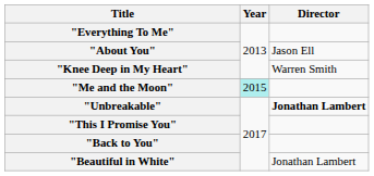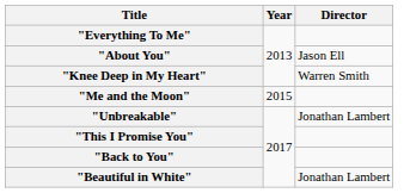 <table class="wikitable plainrowheaders">
 <tr>
 <th width="315" scope="col">Title</th>
 <th scope="col">Year</th>
 <th scope="col">Director</th>
 </tr>
 <tr>
 <th scope="row">"Everything To Me"</th>
 <td rowspan="3">2013</td>
 <td></td>
 </tr>
 <tr>
 <th scope="row">"About You"</th>
 <td>Jason Ell</td>
 </tr>
 <tr>
 <th scope="row">"Knee Deep in My Heart"</th>
 <td>Warren Smith</td>
 </tr>
 <tr>
 <th scope="row">"Me and the Moon"</th>
-<td style="background: paleturquoise;">2015</td>
+<td>2015</td>
 <td></td>
 </tr>
 <tr>
 <th scope="row">"Unbreakable"</th>
 <td rowspan="4">2017</td>
-<td><strong>Jonathan Lambert</strong></td>
+<td>Jonathan Lambert</td>
 </tr>
 <tr>
 <th scope="row">"This I Promise You"</th>
 <td></td>
 </tr>
 <tr>
 <th scope="row">"Back to You"</th>
 <td></td>
 </tr>
 <tr>
 <th scope="row">"Beautiful in White"</th>
 <td>Jonathan Lambert</td>
 </tr>
 </table>
